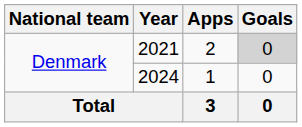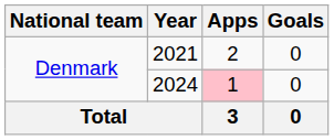 <table class="wikitable" style="text-align: center;">
 <tr>
 <th>National team</th>
 <th>Year</th>
 <th>Apps</th>
 <th>Goals</th>
 </tr>
 <tr>
 <td rowspan="2"><a href='#'>Denmark</a></td>
 <td>2021</td>
 <td>2</td>
-<td style="background: lightgrey;">0</td>
+<td>0</td>
 </tr>
 <tr>
 <td>2024</td>
-<td>1</td>
+<td style="background: pink;">1</td>
 <td>0</td>
 </tr>
 <tr>
 <th colspan="2">Total</th>
 <th>3</th>
 <th>0</th>
 </tr>
 </table>
